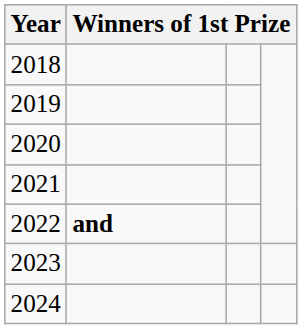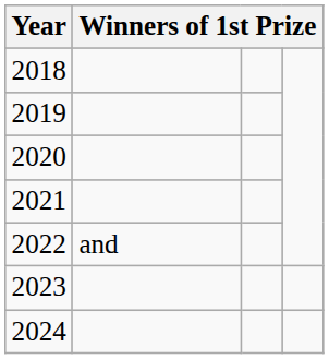 <table class="wikitable sortable">
 <tr>
 <th>Year</th>
 <th colspan="3">Winners of 1st Prize</th>
 </tr>
 <tr>
 <td>2018</td>
 <td></td>
 <td></td>
 </tr>
 <tr>
 <td>2019</td>
 <td></td>
 <td></td>
 </tr>
 <tr>
 <td>2020</td>
 <td></td>
 <td></td>
 </tr>
 <tr>
 <td>2021</td>
 <td></td>
 <td></td>
 </tr>
 <tr>
 <td>2022</td>
-<td><strong> and </strong></td>
+<td> and </td>
 <td></td>
 </tr>
 <tr>
 <td>2023</td>
 <td></td>
 <td></td>
 <td></td>
 </tr>
 <tr>
 <td>2024</td>
 <td></td>
 <td></td>
 </tr>
 </table>
